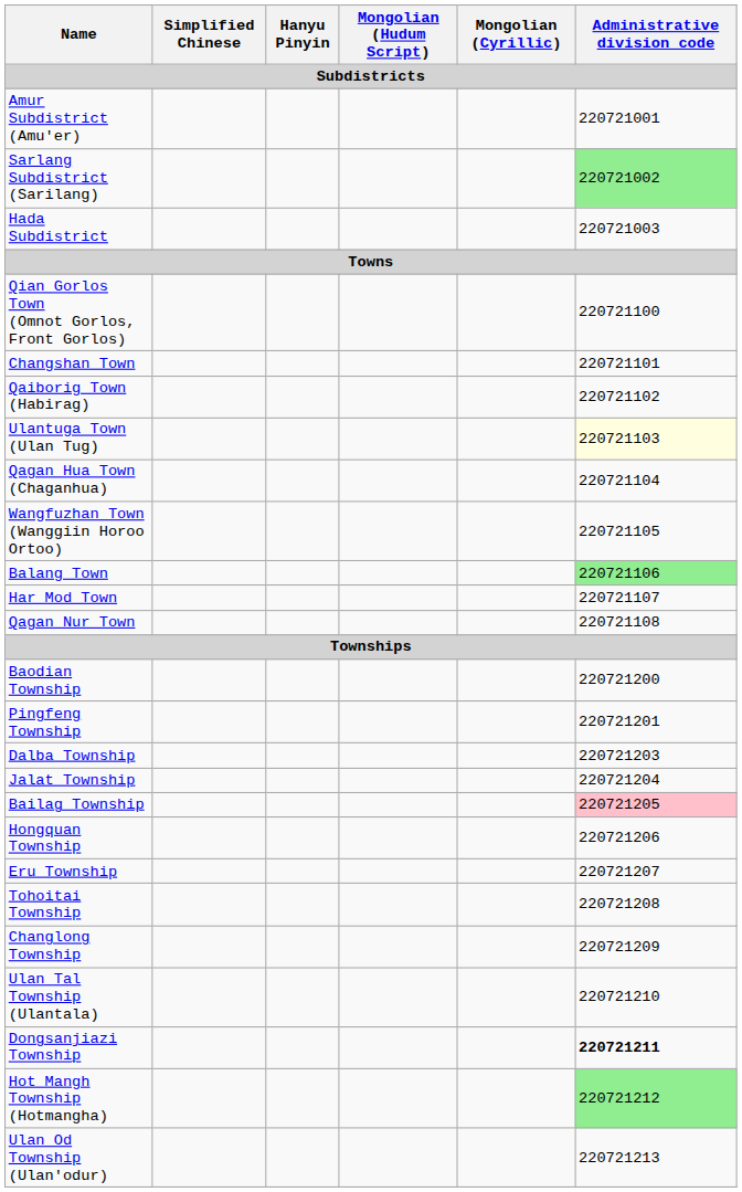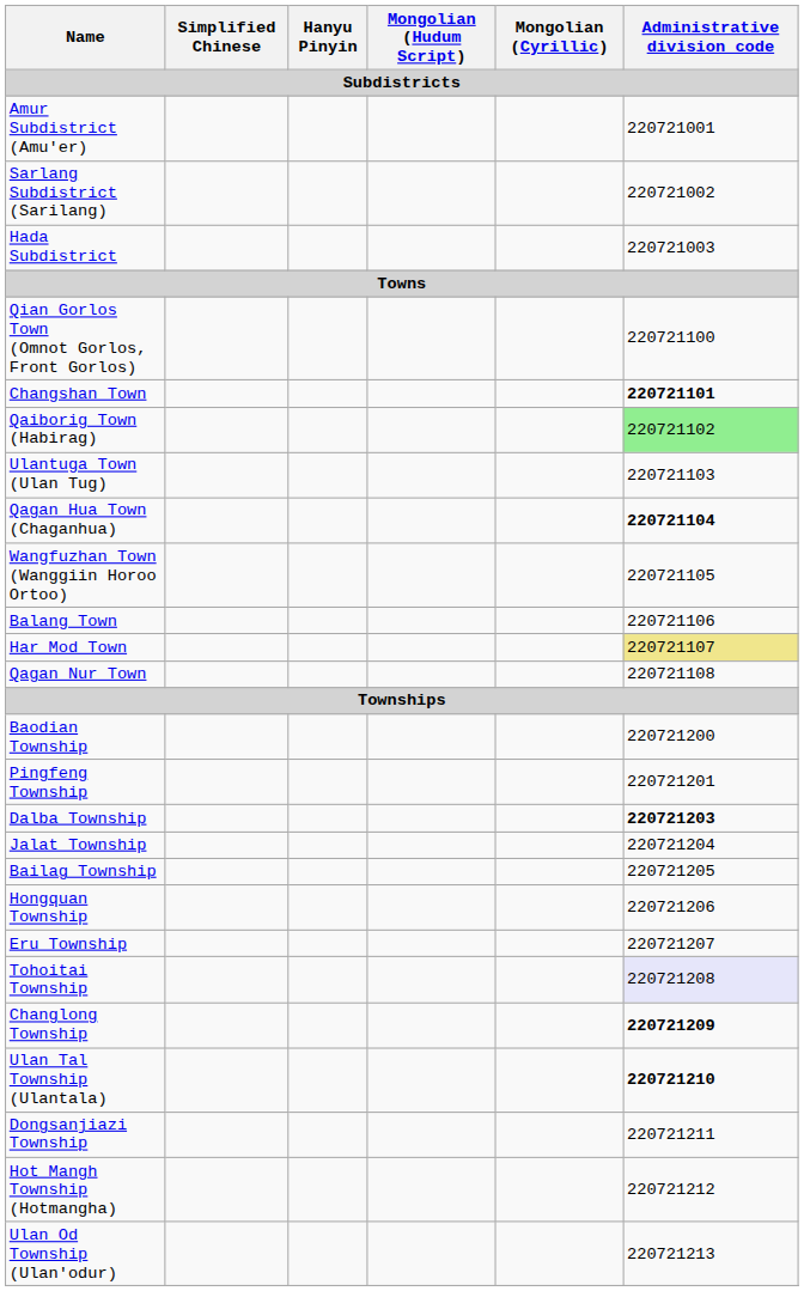 <table class="wikitable" align="center" style="width:50%; border="1">
 <tr>
 <th>Name</th>
 <th>Simplified Chinese</th>
 <th>Hanyu Pinyin</th>
 <th><a href='#'>Mongolian</a> (<a href='#'>Hudum Script</a>)</th>
 <th>Mongolian (<a href='#'>Cyrillic</a>)</th>
 <th><a href='#'>Administrative division code</a></th>
 </tr>
 <tr>
 <td colspan="6"  style="text-align:center; background:#d3d3d3;"><strong>Subdistricts</strong></td>
 </tr>
 <tr --------->
 <td><a href='#'>Amur Subdistrict</a><br>(Amu'er)</td>
 <td></td>
 <td></td>
 <td></td>
 <td></td>
 <td>220721001</td>
 </tr>
 <tr>
 <td><a href='#'>Sarlang Subdistrict</a><br>(Sarilang)</td>
 <td></td>
 <td></td>
 <td></td>
 <td></td>
-<td style="background: lightgreen;">220721002</td>
+<td>220721002</td>
 </tr>
 <tr>
 <td><a href='#'>Hada Subdistrict</a></td>
 <td></td>
 <td></td>
 <td></td>
 <td></td>
 <td>220721003</td>
 </tr>
 <tr>
 <td colspan="6"  style="text-align:center; background:#d3d3d3;"><strong>Towns</strong></td>
 </tr>
 <tr --------->
 <td><a href='#'>Qian Gorlos Town</a><br>(Omnot Gorlos, Front Gorlos)</td>
 <td></td>
 <td></td>
 <td></td>
 <td></td>
 <td>220721100</td>
 </tr>
 <tr>
 <td><a href='#'>Changshan Town</a></td>
 <td></td>
 <td></td>
 <td></td>
 <td></td>
-<td>220721101</td>
+<td><strong>220721101</strong></td>
 </tr>
 <tr>
 <td><a href='#'>Qaiborig Town</a><br>(Habirag)</td>
 <td></td>
 <td></td>
 <td></td>
 <td></td>
-<td>220721102</td>
+<td style="background: lightgreen;">220721102</td>
 </tr>
 <tr>
 <td><a href='#'>Ulantuga Town</a><br>(Ulan Tug)</td>
 <td></td>
 <td></td>
 <td></td>
 <td></td>
-<td style="background: lightyellow;">220721103</td>
+<td>220721103</td>
 </tr>
 <tr>
 <td><a href='#'>Qagan Hua Town</a><br>(Chaganhua)</td>
 <td></td>
 <td></td>
 <td></td>
 <td></td>
-<td>220721104</td>
+<td><strong>220721104</strong></td>
 </tr>
 <tr>
 <td><a href='#'>Wangfuzhan Town</a><br>(Wanggiin Horoo Ortoo)</td>
 <td></td>
 <td></td>
 <td></td>
 <td></td>
 <td>220721105</td>
 </tr>
 <tr>
 <td><a href='#'>Balang Town</a></td>
 <td></td>
 <td></td>
 <td></td>
 <td></td>
-<td style="background: lightgreen;">220721106</td>
+<td>220721106</td>
 </tr>
 <tr>
 <td><a href='#'>Har Mod Town</a></td>
 <td></td>
 <td></td>
 <td></td>
 <td></td>
-<td>220721107</td>
+<td style="background: khaki;">220721107</td>
 </tr>
 <tr>
 <td><a href='#'>Qagan Nur Town</a></td>
 <td></td>
 <td></td>
 <td></td>
 <td></td>
 <td>220721108</td>
 </tr>
 <tr>
 <td colspan="6"  style="text-align:center; background:#d3d3d3;"><strong>Townships</strong></td>
 </tr>
 <tr --------->
 <td><a href='#'>Baodian Township</a></td>
 <td></td>
 <td></td>
 <td></td>
 <td></td>
 <td>220721200</td>
 </tr>
 <tr>
 <td><a href='#'>Pingfeng Township</a></td>
 <td></td>
 <td></td>
 <td></td>
 <td></td>
 <td>220721201</td>
 </tr>
 <tr>
 <td><a href='#'>Dalba Township</a></td>
 <td></td>
 <td></td>
 <td></td>
 <td></td>
-<td>220721203</td>
+<td><strong>220721203</strong></td>
 </tr>
 <tr>
 <td><a href='#'>Jalat Township</a></td>
 <td></td>
 <td></td>
 <td></td>
 <td></td>
 <td>220721204</td>
 </tr>
 <tr>
 <td><a href='#'>Bailag Township</a></td>
 <td></td>
 <td></td>
 <td></td>
 <td></td>
-<td style="background: pink;">220721205</td>
+<td>220721205</td>
 </tr>
 <tr>
 <td><a href='#'>Hongquan Township</a></td>
 <td></td>
 <td></td>
 <td></td>
 <td></td>
 <td>220721206</td>
 </tr>
 <tr>
 <td><a href='#'>Eru Township</a></td>
 <td></td>
 <td></td>
 <td></td>
 <td></td>
 <td>220721207</td>
 </tr>
 <tr>
 <td><a href='#'>Tohoitai Township</a></td>
 <td></td>
 <td></td>
 <td></td>
 <td></td>
-<td>220721208</td>
+<td style="background: lavender;">220721208</td>
 </tr>
 <tr>
 <td><a href='#'>Changlong Township</a></td>
 <td></td>
 <td></td>
 <td></td>
 <td></td>
-<td>220721209</td>
+<td><strong>220721209</strong></td>
 </tr>
 <tr>
 <td><a href='#'>Ulan Tal Township</a><br>(Ulantala)</td>
 <td></td>
 <td></td>
 <td></td>
 <td></td>
-<td>220721210</td>
+<td><strong>220721210</strong></td>
 </tr>
 <tr>
 <td><a href='#'>Dongsanjiazi Township</a></td>
 <td></td>
 <td></td>
 <td></td>
 <td></td>
-<td><strong>220721211</strong></td>
+<td>220721211</td>
 </tr>
 <tr>
 <td><a href='#'>Hot Mangh Township</a><br>(Hotmangha)</td>
 <td></td>
 <td></td>
 <td></td>
 <td></td>
-<td style="background: lightgreen;">220721212</td>
+<td>220721212</td>
 </tr>
 <tr>
 <td><a href='#'>Ulan Od Township</a><br>(Ulan'odur)</td>
 <td></td>
 <td></td>
 <td></td>
 <td></td>
 <td>220721213</td>
 </tr>
 <tr>
 </tr>
 </table>
